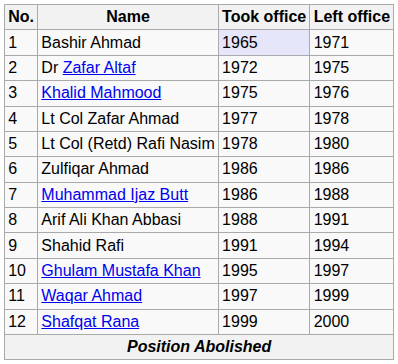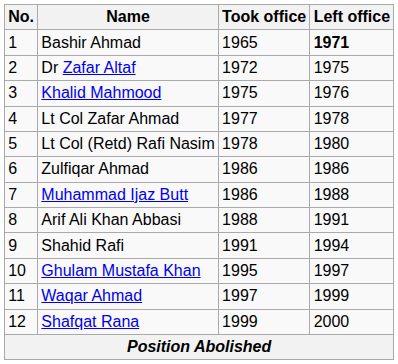 <table class="wikitable sortable">
 <tr>
 <th>No.</th>
 <th>Name</th>
 <th>Took office</th>
 <th>Left office</th>
 </tr>
 <tr>
 <td>1</td>
 <td>Bashir Ahmad</td>
-<td style="background: lavender;">1965</td>
-<td>1971</td>
+<td>1965</td>
+<td><strong>1971</strong></td>
 </tr>
 <tr>
 <td>2</td>
 <td>Dr <a href='#'>Zafar Altaf</a></td>
 <td>1972</td>
 <td>1975</td>
 </tr>
 <tr>
 <td>3</td>
 <td><a href='#'>Khalid Mahmood</a></td>
 <td>1975</td>
 <td>1976</td>
 </tr>
 <tr>
 <td>4</td>
 <td>Lt Col Zafar Ahmad</td>
 <td>1977</td>
 <td>1978</td>
 </tr>
 <tr>
 <td>5</td>
 <td>Lt Col (Retd) Rafi Nasim</td>
 <td>1978</td>
 <td>1980</td>
 </tr>
 <tr>
 <td>6</td>
 <td>Zulfiqar Ahmad</td>
 <td>1986</td>
 <td>1986</td>
 </tr>
 <tr>
 <td>7</td>
 <td><a href='#'>Muhammad Ijaz Butt</a></td>
 <td>1986</td>
 <td>1988</td>
 </tr>
 <tr>
 <td>8</td>
 <td>Arif Ali Khan Abbasi</td>
 <td>1988</td>
 <td>1991</td>
 </tr>
 <tr>
 <td>9</td>
 <td>Shahid Rafi</td>
 <td>1991</td>
 <td>1994</td>
 </tr>
 <tr>
 <td>10</td>
 <td><a href='#'>Ghulam Mustafa Khan</a></td>
 <td>1995</td>
 <td>1997</td>
 </tr>
 <tr>
 <td>11</td>
 <td><a href='#'>Waqar Ahmad</a></td>
 <td>1997</td>
 <td>1999</td>
 </tr>
 <tr>
 <td>12</td>
 <td><a href='#'>Shafqat Rana</a></td>
 <td>1999</td>
 <td>2000</td>
 </tr>
 <tr>
 <th colspan=4><em>Position Abolished</em></th>
 </tr>
 </table>
